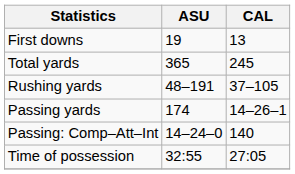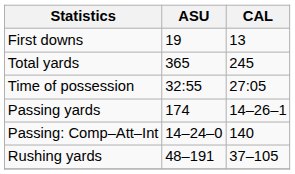 <table class="wikitable" style="float: left;">
 <tr>
 <th>Statistics</th>
 <th>ASU</th>
 <th>CAL</th>
 </tr>
 <tr>
 <td>First downs</td>
 <td>19</td>
 <td>13</td>
 </tr>
 <tr>
 <td>Total yards</td>
 <td>365</td>
 <td>245</td>
 </tr>
 <tr>
-<td>Rushing yards</td>
-<td>48–191</td>
-<td>37–105</td>
+<td>Time of possession</td>
+<td>32:55</td>
+<td>27:05</td>
 </tr>
 <tr>
 <td>Passing yards</td>
 <td>174</td>
 <td>14–26–1</td>
 </tr>
 <tr>
 <td>Passing: Comp–Att–Int</td>
 <td>14–24–0</td>
 <td>140</td>
 </tr>
 <tr>
-<td>Time of possession</td>
-<td>32:55</td>
-<td>27:05</td>
+<td>Rushing yards</td>
+<td>48–191</td>
+<td>37–105</td>
 </tr>
 <tr>
 </tr>
 </table>
